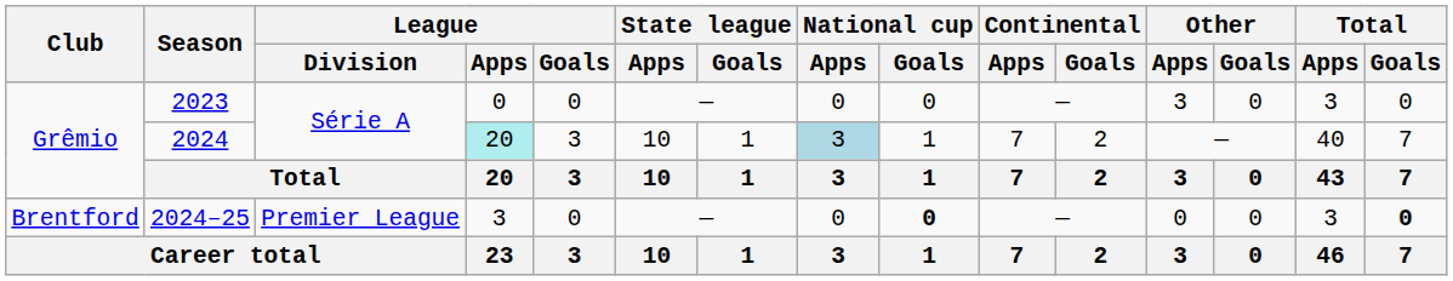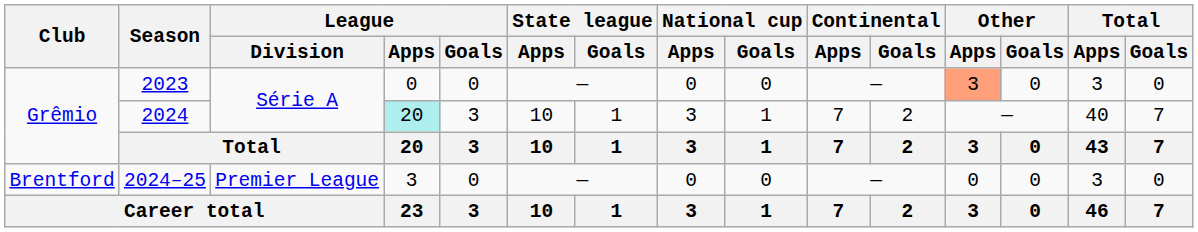 <table class="wikitable" style="text-align:center">
 <tr>
 <th rowspan="2">Club</th>
 <th rowspan="2">Season</th>
 <th colspan="3">League</th>
 <th colspan="2">State league</th>
 <th colspan="2">National cup</th>
 <th colspan="2">Continental</th>
 <th colspan="2">Other</th>
 <th colspan="2">Total</th>
 </tr>
 <tr>
 <th>Division</th>
 <th>Apps</th>
 <th>Goals</th>
 <th>Apps</th>
 <th>Goals</th>
 <th>Apps</th>
 <th>Goals</th>
 <th>Apps</th>
 <th>Goals</th>
 <th>Apps</th>
 <th>Goals</th>
 <th>Apps</th>
 <th>Goals</th>
 </tr>
 <tr>
 <td rowspan="3"><a href='#'>Grêmio</a></td>
 <td><a href='#'>2023</a></td>
 <td rowspan="2"><a href='#'>Série A</a></td>
 <td>0</td>
 <td>0</td>
 <td colspan="2">—</td>
 <td>0</td>
 <td>0</td>
 <td colspan="2">—</td>
-<td>3</td>
+<td style="background: lightsalmon;">3</td>
 <td>0</td>
 <td>3</td>
 <td>0</td>
 </tr>
 <tr>
 <td><a href='#'>2024</a></td>
 <td style="background: paleturquoise;">20</td>
 <td>3</td>
 <td>10</td>
 <td>1</td>
-<td style="background: lightblue;">3</td>
+<td>3</td>
 <td>1</td>
 <td>7</td>
 <td>2</td>
 <td colspan="2">—</td>
 <td>40</td>
 <td>7</td>
 </tr>
 <tr>
 <th colspan="2">Total</th>
 <th>20</th>
 <th>3</th>
 <th>10</th>
 <th>1</th>
 <th>3</th>
 <th>1</th>
 <th>7</th>
 <th>2</th>
 <th>3</th>
 <th>0</th>
 <th>43</th>
 <th>7</th>
 </tr>
 <tr>
 <td><a href='#'>Brentford</a></td>
 <td><a href='#'>2024–25</a></td>
 <td><a href='#'>Premier League</a></td>
 <td>3</td>
 <td>0</td>
 <td colspan="2">—</td>
 <td>0</td>
-<td><strong>0</strong></td>
+<td>0</td>
 <td colspan="2">—</td>
 <td>0</td>
 <td>0</td>
 <td>3</td>
-<td><strong>0</strong></td>
+<td>0</td>
 </tr>
 <tr>
 <th colspan="3">Career total</th>
 <th>23</th>
 <th>3</th>
 <th>10</th>
 <th>1</th>
 <th>3</th>
 <th>1</th>
 <th>7</th>
 <th>2</th>
 <th>3</th>
 <th>0</th>
 <th>46</th>
 <th>7</th>
 </tr>
 </table>
